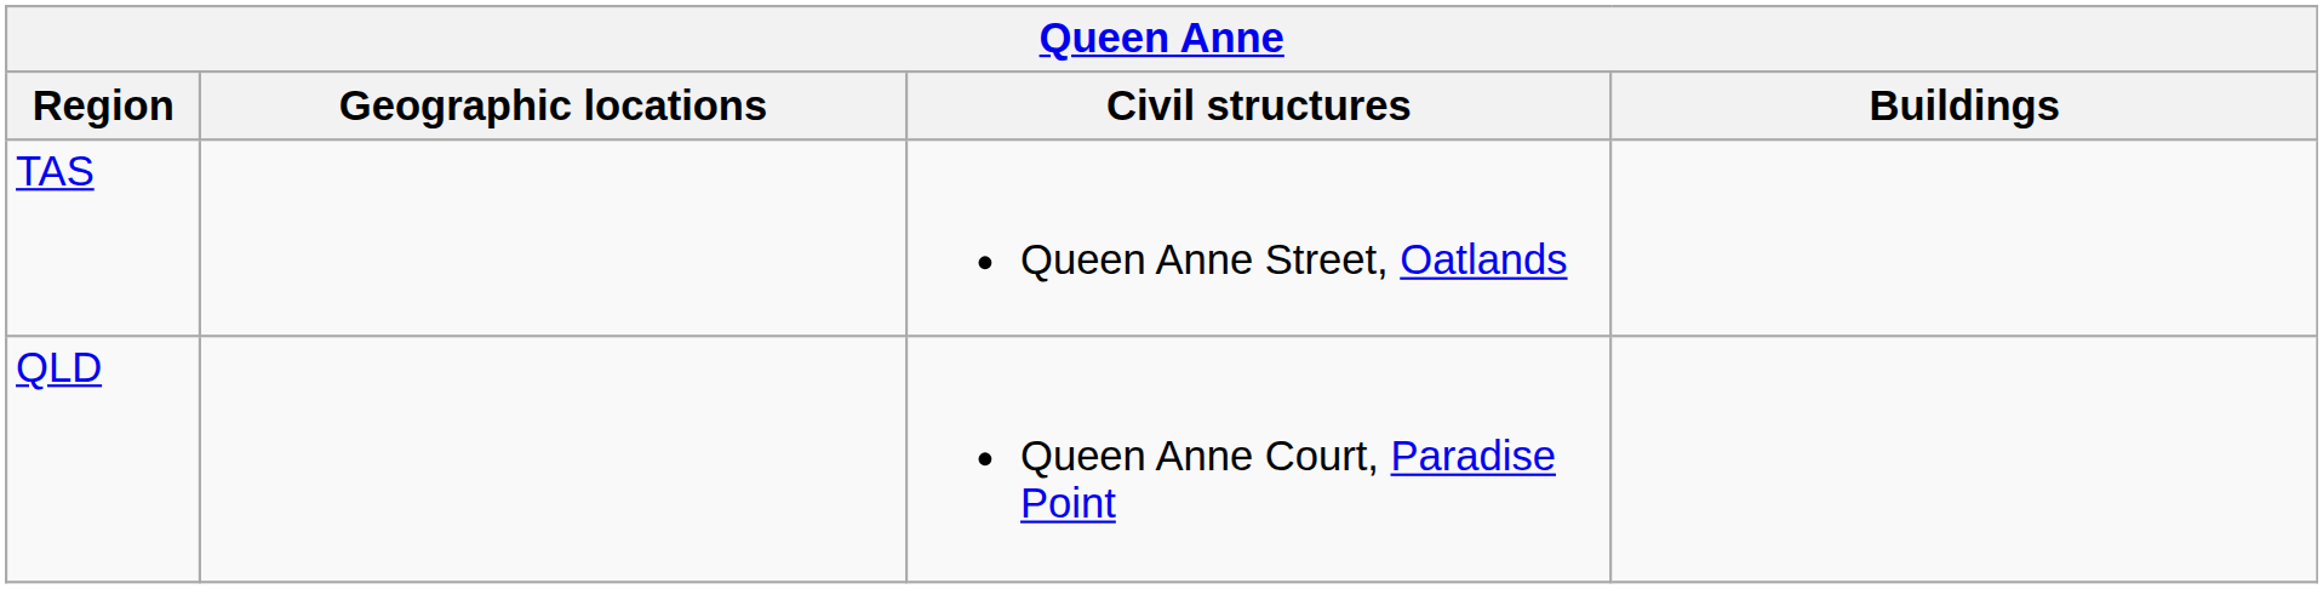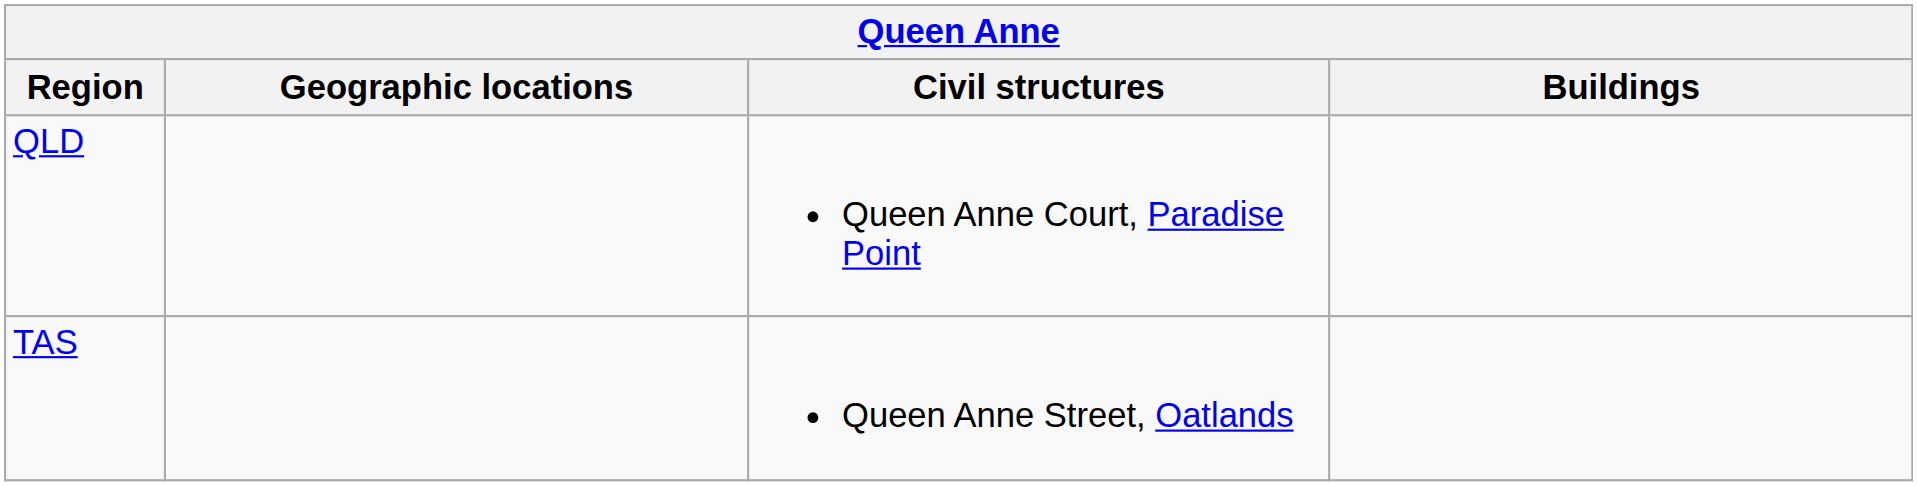 <table class="wikitable" width="100%">
 <tr>
 <th colspan="4"> <a href='#'>Queen Anne</a></th>
 </tr>
 <tr>
 <th width="5%">Region</th>
 <th width="23.75%">Geographic locations</th>
 <th width="23.75%">Civil structures</th>
 <th width="23.75%">Buildings</th>
 </tr>
 <tr>
+<td align=left valign=top> <a href='#'>QLD</a></td>
+<td></td>
+<td align=left valign=top><br><ul><li>Queen Anne Court, <a href='#'>Paradise Point</a></li></ul></td>
+<td></td>
+</tr>
+<tr>
 <td align=left valign=top> <a href='#'>TAS</a></td>
 <td></td>
 <td align=left valign=top><br><ul><li>Queen Anne Street, <a href='#'>Oatlands</a></li></ul></td>
 <td></td>
 </tr>
-<tr>
-<td align=left valign=top> <a href='#'>QLD</a></td>
-<td></td>
-<td align=left valign=top><br><ul><li>Queen Anne Court, <a href='#'>Paradise Point</a></li></ul></td>
-<td></td>
-</tr>
 </table>
